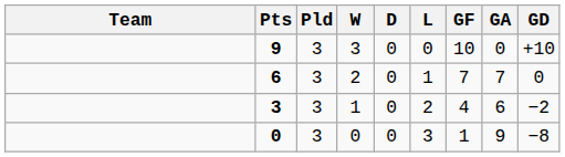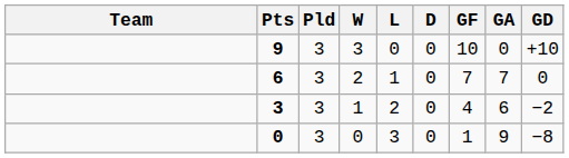 <table class="wikitable" style="text-align:center;">
 <tr>
 <th width=175>Team</th>
 <th width=20 abbr="Points">Pts</th>
 <th width=20 abbr="Played">Pld</th>
 <th width=20 abbr="Won">W</th>
+<th width=20 abbr="Lost">L</th>
 <th width=20 abbr="Drawn">D</th>
-<th width=20 abbr="Lost">L</th>
 <th width=20 abbr="Goals for">GF</th>
 <th width=20 abbr="Goals against">GA</th>
 <th width=20 abbr="Goal difference">GD</th>
 </tr>
 <tr>
 <td style="text-align:left;"></td>
 <td><strong>9</strong></td>
 <td>3</td>
 <td>3</td>
 <td>0</td>
 <td>0</td>
 <td>10</td>
 <td>0</td>
 <td>+10</td>
 </tr>
 <tr>
 <td style="text-align:left;"></td>
 <td><strong>6</strong></td>
 <td>3</td>
 <td>2</td>
+<td>1</td>
 <td>0</td>
-<td>1</td>
 <td>7</td>
 <td>7</td>
 <td>0</td>
 </tr>
 <tr>
 <td style="text-align:left;"></td>
 <td><strong>3</strong></td>
 <td>3</td>
 <td>1</td>
+<td>2</td>
 <td>0</td>
-<td>2</td>
 <td>4</td>
 <td>6</td>
 <td>−2</td>
 </tr>
 <tr>
 <td style="text-align:left;"></td>
 <td><strong>0</strong></td>
 <td>3</td>
 <td>0</td>
+<td>3</td>
 <td>0</td>
-<td>3</td>
 <td>1</td>
 <td>9</td>
 <td>−8</td>
 </tr>
 </table>
